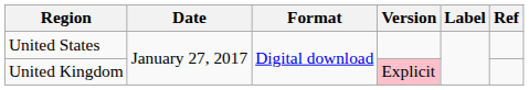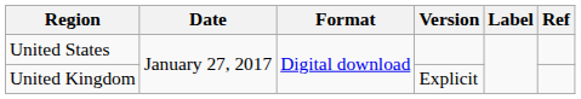 <table class="wikitable">
 <tr>
 <th>Region</th>
 <th>Date</th>
 <th>Format</th>
 <th>Version</th>
 <th>Label</th>
 <th>Ref</th>
 </tr>
 <tr>
 <td>United States</td>
 <td rowspan="2">January 27, 2017</td>
 <td rowspan="2"><a href='#'>Digital download</a></td>
 <td></td>
 <td rowspan="2"></td>
 <td></td>
 </tr>
 <tr>
 <td>United Kingdom</td>
-<td style="background: pink;">Explicit</td>
+<td>Explicit</td>
 <td></td>
 </tr>
 </table>
